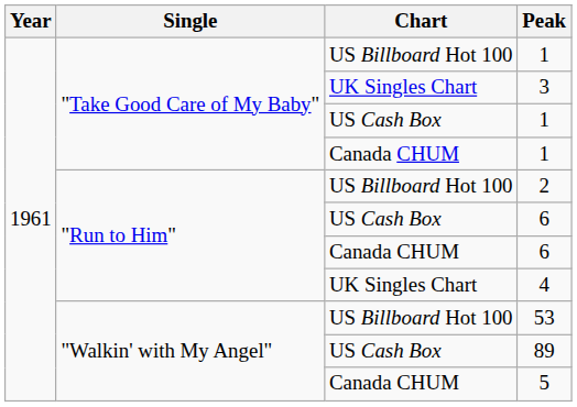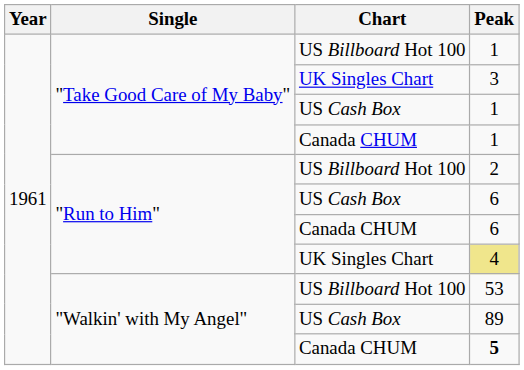 <table class="wikitable">
 <tr>
 <th>Year</th>
 <th>Single</th>
 <th>Chart</th>
 <th>Peak</th>
 </tr>
 <tr>
 <td rowspan="11">1961</td>
 <td rowspan="4">"<a href='#'>Take Good Care of My Baby</a>"</td>
 <td>US <em>Billboard</em> Hot 100</td>
 <td align="center">1</td>
 </tr>
 <tr>
 <td><a href='#'>UK Singles Chart</a></td>
 <td align="center">3</td>
 </tr>
 <tr>
 <td>US <em>Cash Box</em></td>
 <td align="center">1</td>
 </tr>
 <tr>
 <td>Canada <a href='#'>CHUM</a></td>
 <td align="center">1</td>
 </tr>
 <tr>
 <td rowspan="4">"<a href='#'>Run to Him</a>"</td>
 <td>US <em>Billboard</em> Hot 100</td>
 <td align="center">2</td>
 </tr>
 <tr>
 <td>US <em>Cash Box</em></td>
 <td align="center">6</td>
 </tr>
 <tr>
 <td>Canada CHUM</td>
 <td align="center">6</td>
 </tr>
 <tr>
 <td>UK Singles Chart</td>
-<td align="center">4</td>
+<td align="center" style="background: khaki;">4</td>
 </tr>
 <tr>
 <td rowspan="3">"Walkin' with My Angel"</td>
 <td>US <em>Billboard</em> Hot 100</td>
 <td align="center">53</td>
 </tr>
 <tr>
 <td>US <em>Cash Box</em></td>
 <td align="center">89</td>
 </tr>
 <tr>
 <td>Canada CHUM</td>
-<td align="center">5</td>
+<td align="center"><strong>5</strong></td>
 </tr>
 </table>
